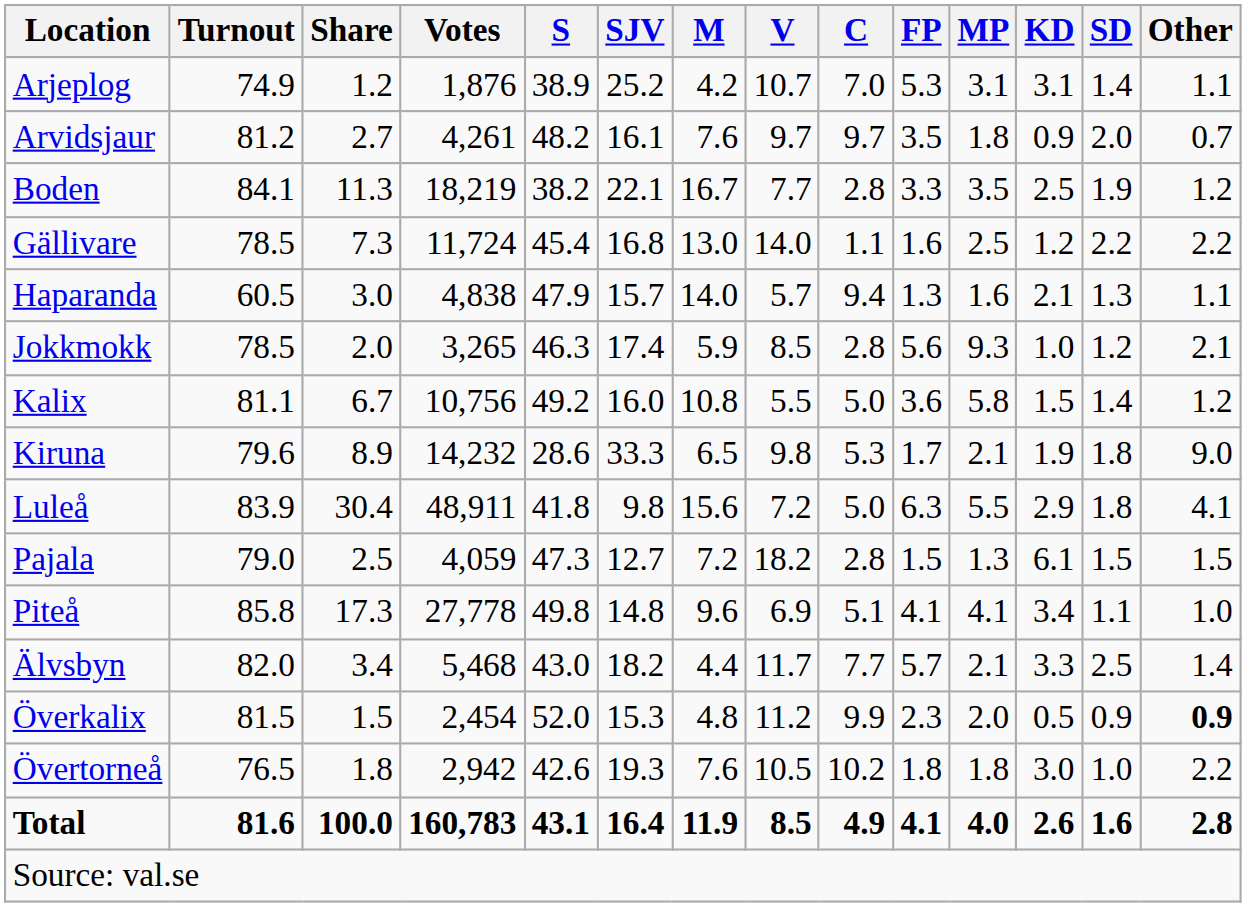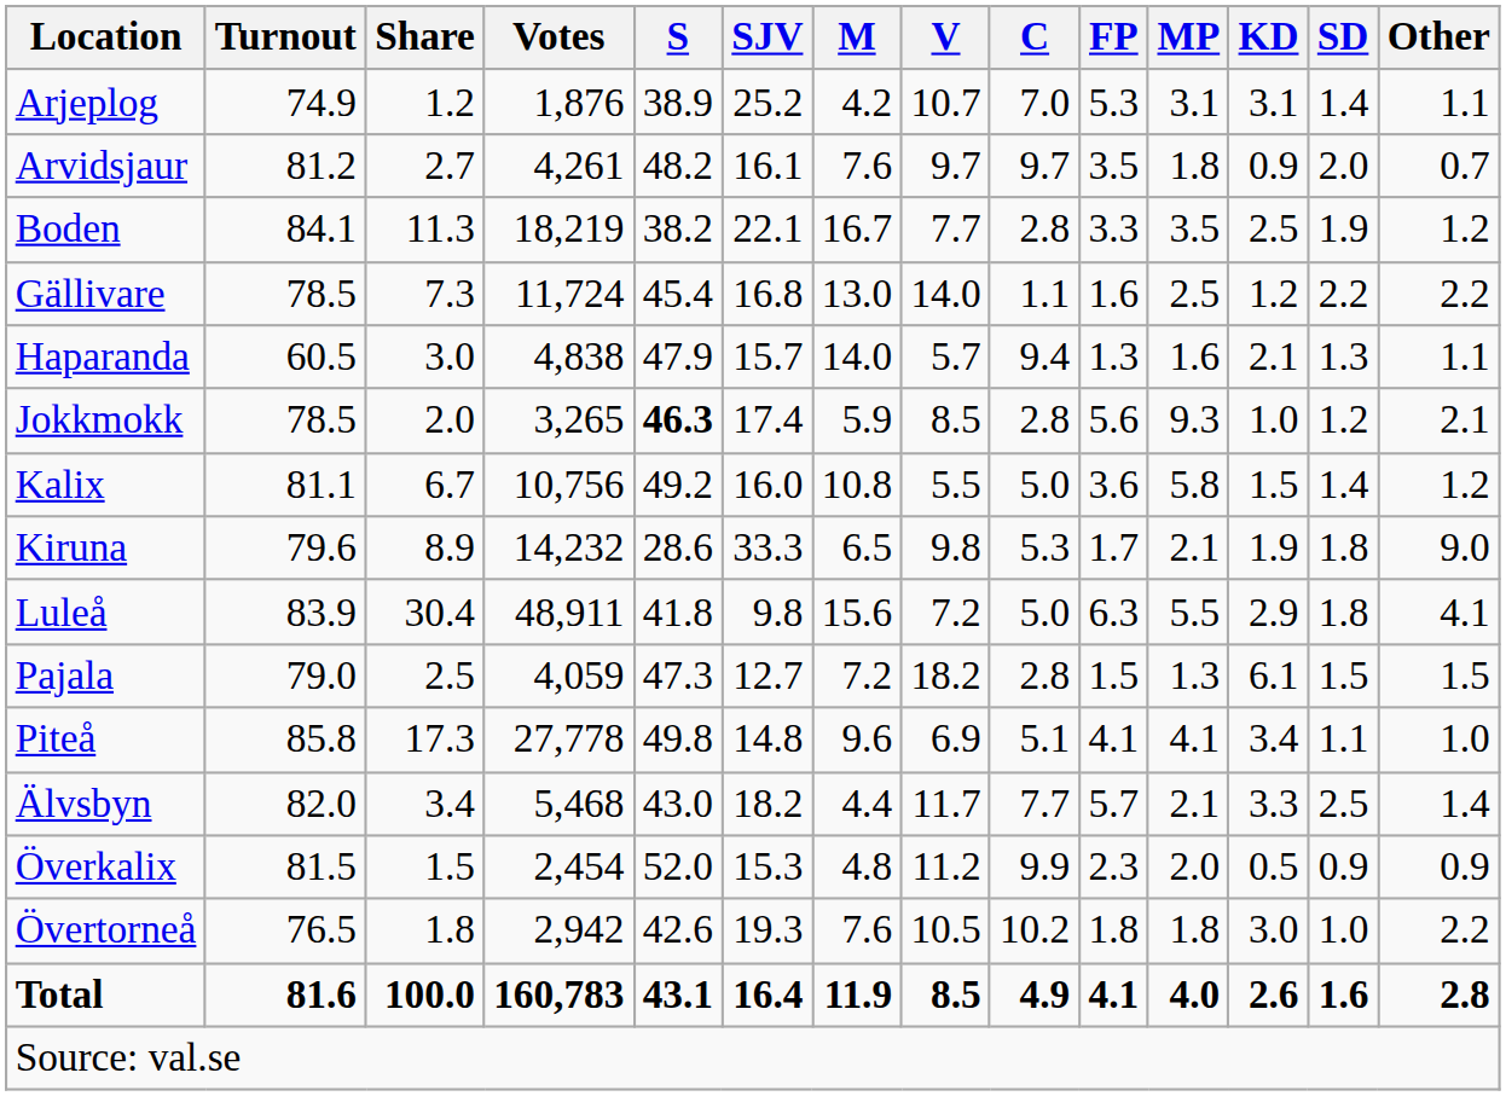 <table class="wikitable sortable" style=text-align:right>
 <tr>
 <th>Location</th>
 <th>Turnout</th>
 <th>Share</th>
 <th>Votes</th>
 <th><a href='#'>S</a></th>
 <th><a href='#'>SJV</a></th>
 <th><a href='#'>M</a></th>
 <th><a href='#'>V</a></th>
 <th><a href='#'>C</a></th>
 <th><a href='#'>FP</a></th>
 <th><a href='#'>MP</a></th>
 <th><a href='#'>KD</a></th>
 <th><a href='#'>SD</a></th>
 <th>Other</th>
 </tr>
 <tr>
 <td align=left><a href='#'>Arjeplog</a></td>
 <td>74.9</td>
 <td>1.2</td>
 <td>1,876</td>
 <td>38.9</td>
 <td>25.2</td>
 <td>4.2</td>
 <td>10.7</td>
 <td>7.0</td>
 <td>5.3</td>
 <td>3.1</td>
 <td>3.1</td>
 <td>1.4</td>
 <td>1.1</td>
 </tr>
 <tr>
 <td align=left><a href='#'>Arvidsjaur</a></td>
 <td>81.2</td>
 <td>2.7</td>
 <td>4,261</td>
 <td>48.2</td>
 <td>16.1</td>
 <td>7.6</td>
 <td>9.7</td>
 <td>9.7</td>
 <td>3.5</td>
 <td>1.8</td>
 <td>0.9</td>
 <td>2.0</td>
 <td>0.7</td>
 </tr>
 <tr>
 <td align=left><a href='#'>Boden</a></td>
 <td>84.1</td>
 <td>11.3</td>
 <td>18,219</td>
 <td>38.2</td>
 <td>22.1</td>
 <td>16.7</td>
 <td>7.7</td>
 <td>2.8</td>
 <td>3.3</td>
 <td>3.5</td>
 <td>2.5</td>
 <td>1.9</td>
 <td>1.2</td>
 </tr>
 <tr>
 <td align=left><a href='#'>Gällivare</a></td>
 <td>78.5</td>
 <td>7.3</td>
 <td>11,724</td>
 <td>45.4</td>
 <td>16.8</td>
 <td>13.0</td>
 <td>14.0</td>
 <td>1.1</td>
 <td>1.6</td>
 <td>2.5</td>
 <td>1.2</td>
 <td>2.2</td>
 <td>2.2</td>
 </tr>
 <tr>
 <td align=left><a href='#'>Haparanda</a></td>
 <td>60.5</td>
 <td>3.0</td>
 <td>4,838</td>
 <td>47.9</td>
 <td>15.7</td>
 <td>14.0</td>
 <td>5.7</td>
 <td>9.4</td>
 <td>1.3</td>
 <td>1.6</td>
 <td>2.1</td>
 <td>1.3</td>
 <td>1.1</td>
 </tr>
 <tr>
 <td align=left><a href='#'>Jokkmokk</a></td>
 <td>78.5</td>
 <td>2.0</td>
 <td>3,265</td>
-<td>46.3</td>
+<td><strong>46.3</strong></td>
 <td>17.4</td>
 <td>5.9</td>
 <td>8.5</td>
 <td>2.8</td>
 <td>5.6</td>
 <td>9.3</td>
 <td>1.0</td>
 <td>1.2</td>
 <td>2.1</td>
 </tr>
 <tr>
 <td align=left><a href='#'>Kalix</a></td>
 <td>81.1</td>
 <td>6.7</td>
 <td>10,756</td>
 <td>49.2</td>
 <td>16.0</td>
 <td>10.8</td>
 <td>5.5</td>
 <td>5.0</td>
 <td>3.6</td>
 <td>5.8</td>
 <td>1.5</td>
 <td>1.4</td>
 <td>1.2</td>
 </tr>
 <tr>
 <td align=left><a href='#'>Kiruna</a></td>
 <td>79.6</td>
 <td>8.9</td>
 <td>14,232</td>
 <td>28.6</td>
 <td>33.3</td>
 <td>6.5</td>
 <td>9.8</td>
 <td>5.3</td>
 <td>1.7</td>
 <td>2.1</td>
 <td>1.9</td>
 <td>1.8</td>
 <td>9.0</td>
 </tr>
 <tr>
 <td align=left><a href='#'>Luleå</a></td>
 <td>83.9</td>
 <td>30.4</td>
 <td>48,911</td>
 <td>41.8</td>
 <td>9.8</td>
 <td>15.6</td>
 <td>7.2</td>
 <td>5.0</td>
 <td>6.3</td>
 <td>5.5</td>
 <td>2.9</td>
 <td>1.8</td>
 <td>4.1</td>
 </tr>
 <tr>
 <td align=left><a href='#'>Pajala</a></td>
 <td>79.0</td>
 <td>2.5</td>
 <td>4,059</td>
 <td>47.3</td>
 <td>12.7</td>
 <td>7.2</td>
 <td>18.2</td>
 <td>2.8</td>
 <td>1.5</td>
 <td>1.3</td>
 <td>6.1</td>
 <td>1.5</td>
 <td>1.5</td>
 </tr>
 <tr>
 <td align=left><a href='#'>Piteå</a></td>
 <td>85.8</td>
 <td>17.3</td>
 <td>27,778</td>
 <td>49.8</td>
 <td>14.8</td>
 <td>9.6</td>
 <td>6.9</td>
 <td>5.1</td>
 <td>4.1</td>
 <td>4.1</td>
 <td>3.4</td>
 <td>1.1</td>
 <td>1.0</td>
 </tr>
 <tr>
 <td align=left><a href='#'>Älvsbyn</a></td>
 <td>82.0</td>
 <td>3.4</td>
 <td>5,468</td>
 <td>43.0</td>
 <td>18.2</td>
 <td>4.4</td>
 <td>11.7</td>
 <td>7.7</td>
 <td>5.7</td>
 <td>2.1</td>
 <td>3.3</td>
 <td>2.5</td>
 <td>1.4</td>
 </tr>
 <tr>
 <td align=left><a href='#'>Överkalix</a></td>
 <td>81.5</td>
 <td>1.5</td>
 <td>2,454</td>
 <td>52.0</td>
 <td>15.3</td>
 <td>4.8</td>
 <td>11.2</td>
 <td>9.9</td>
 <td>2.3</td>
 <td>2.0</td>
 <td>0.5</td>
 <td>0.9</td>
-<td><strong>0.9</strong></td>
+<td>0.9</td>
 </tr>
 <tr>
 <td align=left><a href='#'>Övertorneå</a></td>
 <td>76.5</td>
 <td>1.8</td>
 <td>2,942</td>
 <td>42.6</td>
 <td>19.3</td>
 <td>7.6</td>
 <td>10.5</td>
 <td>10.2</td>
 <td>1.8</td>
 <td>1.8</td>
 <td>3.0</td>
 <td>1.0</td>
 <td>2.2</td>
 </tr>
 <tr>
 <td align=left><strong>Total</strong></td>
 <td><strong>81.6</strong></td>
 <td><strong>100.0</strong></td>
 <td><strong>160,783</strong></td>
 <td><strong>43.1</strong></td>
 <td><strong>16.4</strong></td>
 <td><strong>11.9</strong></td>
 <td><strong>8.5</strong></td>
 <td><strong>4.9</strong></td>
 <td><strong>4.1</strong></td>
 <td><strong>4.0</strong></td>
 <td><strong>2.6</strong></td>
 <td><strong>1.6</strong></td>
 <td><strong>2.8</strong></td>
 </tr>
 <tr>
 <td align=left colspan=14>Source: val.se</td>
 </tr>
 </table>
